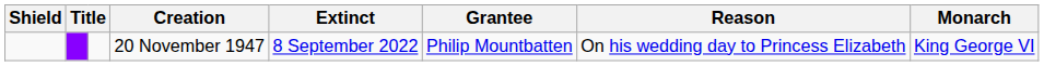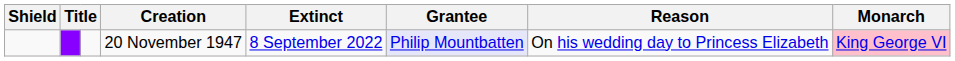 <table class="wikitable sortable">
 <tr>
 <th>Shield</th>
 <th colspan=2>Title</th>
 <th>Creation</th>
 <th>Extinct</th>
 <th>Grantee</th>
 <th>Reason</th>
 <th>Monarch</th>
 </tr>
 <tr>
 <td align=center><br></td>
 <td style="background-color:#8800FF"></td>
 <td></td>
 <td>20 November 1947</td>
 <td><a href='#'>8 September 2022</a><br></td>
-<td> <a href='#'>Philip Mountbatten</a></td>
+<td style="background: lavender;"> <a href='#'>Philip Mountbatten</a></td>
 <td>On <a href='#'>his wedding day to Princess Elizabeth</a></td>
-<td><a href='#'>King George VI</a></td>
+<td style="background: pink;"><a href='#'>King George VI</a></td>
 </tr>
 </table>
